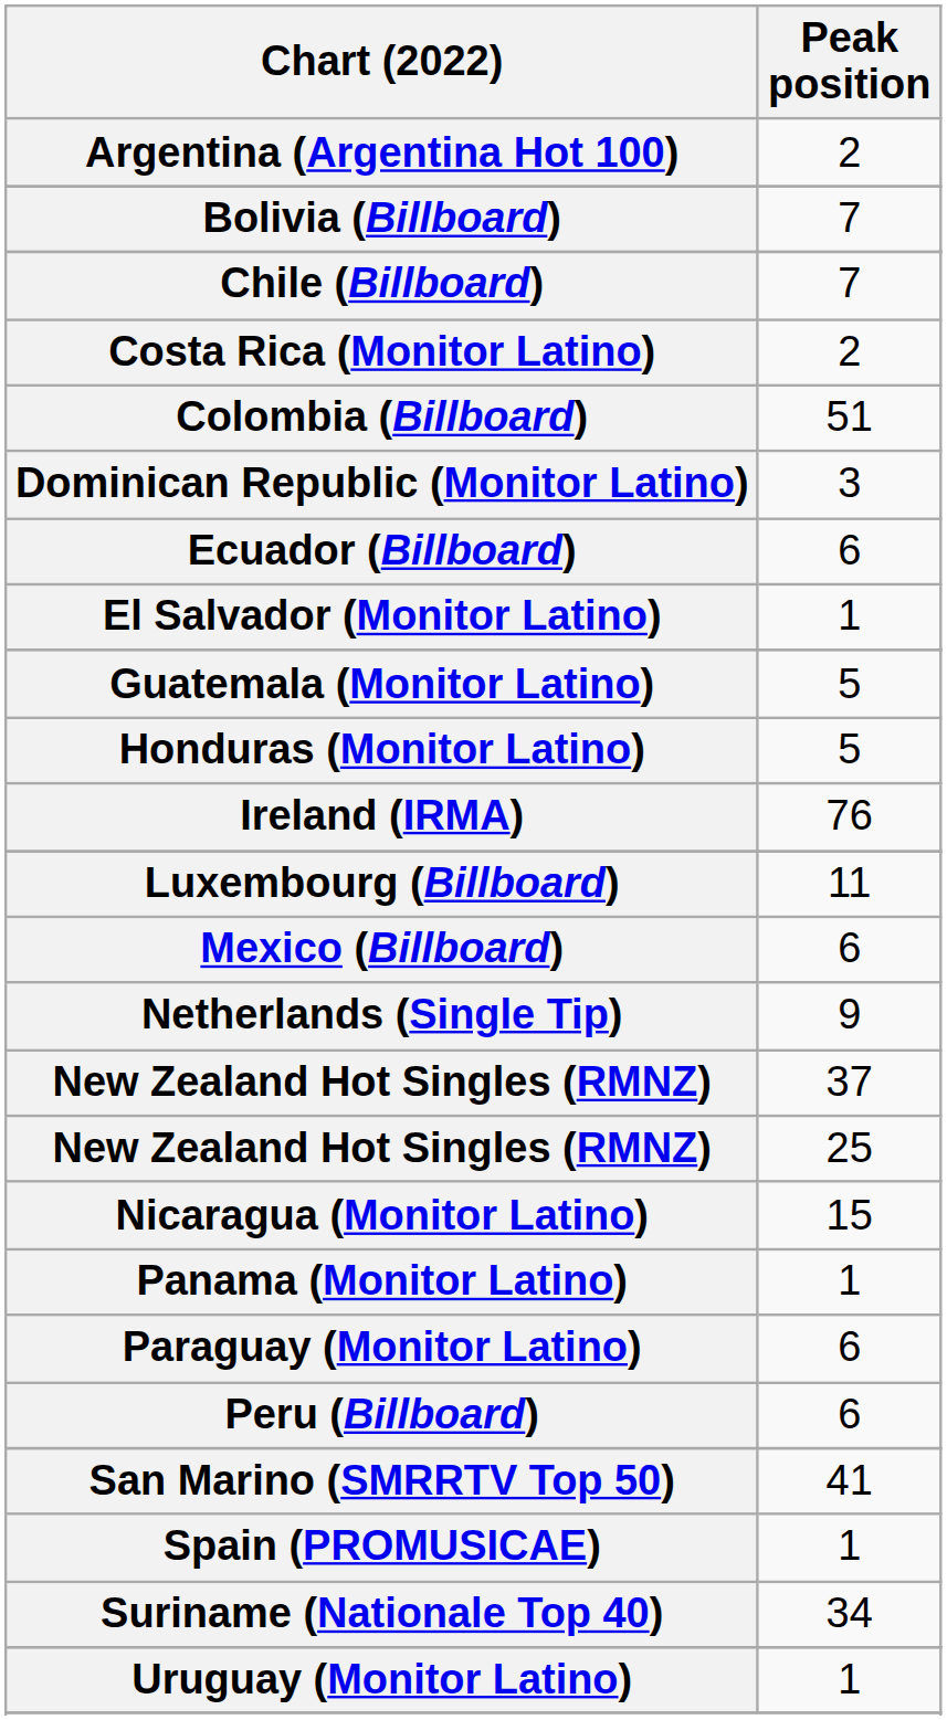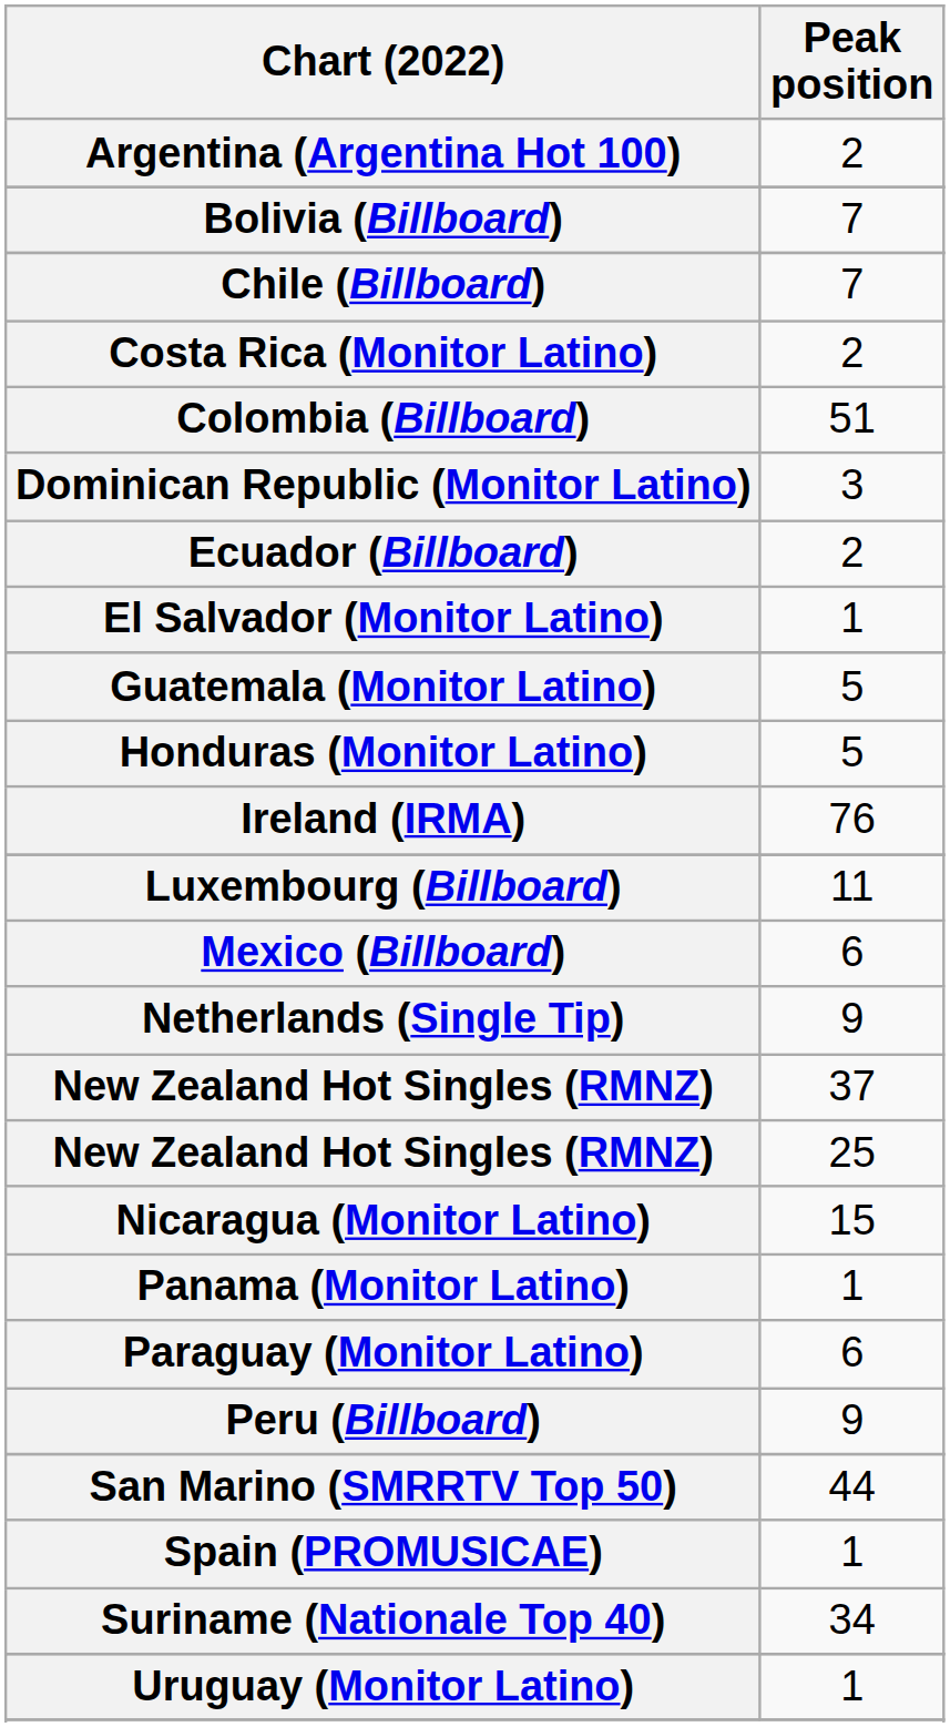 <table class="wikitable sortable plainrowheaders" style="text-align:center">
 <tr>
 <th scope="col">Chart (2022)</th>
 <th scope="col">Peak<br>position</th>
 </tr>
 <tr>
 <th scope="row">Argentina (<a href='#'>Argentina Hot 100</a>)</th>
 <td>2</td>
 </tr>
 <tr>
 </tr>
 <tr>
 <th scope="row">Bolivia (<em><a href='#'>Billboard</a></em>)</th>
 <td>7</td>
 </tr>
 <tr>
 </tr>
 <tr>
 <th scope="row">Chile (<em><a href='#'>Billboard</a></em>)</th>
 <td>7</td>
 </tr>
 <tr>
 <th scope="row">Costa Rica (<a href='#'>Monitor Latino</a>)</th>
 <td>2</td>
 </tr>
 <tr>
 <th scope="row">Colombia (<em><a href='#'>Billboard</a></em>)</th>
 <td>51</td>
 </tr>
 <tr>
 <th scope="row">Dominican Republic (<a href='#'>Monitor Latino</a>)</th>
 <td>3</td>
 </tr>
 <tr>
 <th scope="row">Ecuador (<em><a href='#'>Billboard</a></em>)</th>
-<td>6</td>
+<td>2</td>
 </tr>
 <tr>
 <th scope="row">El Salvador (<a href='#'>Monitor Latino</a>)</th>
 <td>1</td>
 </tr>
 <tr>
 </tr>
 <tr>
 </tr>
 <tr>
 <th scope="row">Guatemala (<a href='#'>Monitor Latino</a>)</th>
 <td>5</td>
 </tr>
 <tr>
 <th scope="row">Honduras (<a href='#'>Monitor Latino</a>)</th>
 <td>5</td>
 </tr>
 <tr>
 <th scope="row">Ireland (<a href='#'>IRMA</a>)</th>
 <td>76</td>
 </tr>
 <tr>
 </tr>
 <tr>
 <th scope="row">Luxembourg (<em><a href='#'>Billboard</a></em>)</th>
 <td>11</td>
 </tr>
 <tr>
 <th scope="row"><a href='#'>Mexico</a> (<em><a href='#'>Billboard</a></em>)</th>
 <td>6</td>
 </tr>
 <tr>
 <th scope="row">Netherlands (<a href='#'>Single Tip</a>)</th>
 <td>9</td>
 </tr>
 <tr>
 <th scope="row">New Zealand Hot Singles (<a href='#'>RMNZ</a>)</th>
 <td>37</td>
 </tr>
 <tr>
 <th scope="row">New Zealand Hot Singles (<a href='#'>RMNZ</a>)<br></th>
 <td>25</td>
 </tr>
 <tr>
 <th scope="row">Nicaragua (<a href='#'>Monitor Latino</a>)</th>
 <td>15</td>
 </tr>
 <tr>
 <th scope="row">Panama (<a href='#'>Monitor Latino</a>)</th>
 <td>1</td>
 </tr>
 <tr>
 <th scope="row">Paraguay (<a href='#'>Monitor Latino</a>)</th>
 <td>6</td>
 </tr>
 <tr>
 <th scope="row">Peru (<em><a href='#'>Billboard</a></em>)</th>
-<td>6</td>
+<td>9</td>
 </tr>
 <tr>
 </tr>
 <tr>
 <th scope="row">San Marino (<a href='#'>SMRRTV Top 50</a>)</th>
-<td>41</td>
+<td>44</td>
 </tr>
 <tr>
 <th scope="row">Spain (<a href='#'>PROMUSICAE</a>)</th>
 <td>1</td>
 </tr>
 <tr>
 <th scope="row">Suriname (<a href='#'>Nationale Top 40</a>)</th>
 <td>34</td>
 </tr>
 <tr>
 </tr>
 <tr>
 <th scope="row">Uruguay (<a href='#'>Monitor Latino</a>)</th>
 <td>1</td>
 </tr>
 <tr>
 </tr>
 <tr>
 </tr>
 <tr>
 </tr>
 <tr>
 </tr>
 <tr>
 </tr>
 </table>
